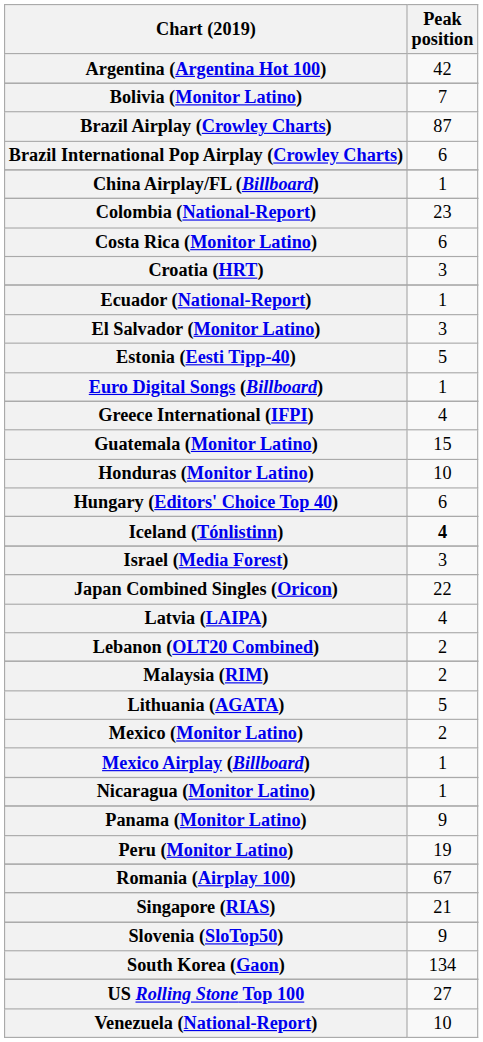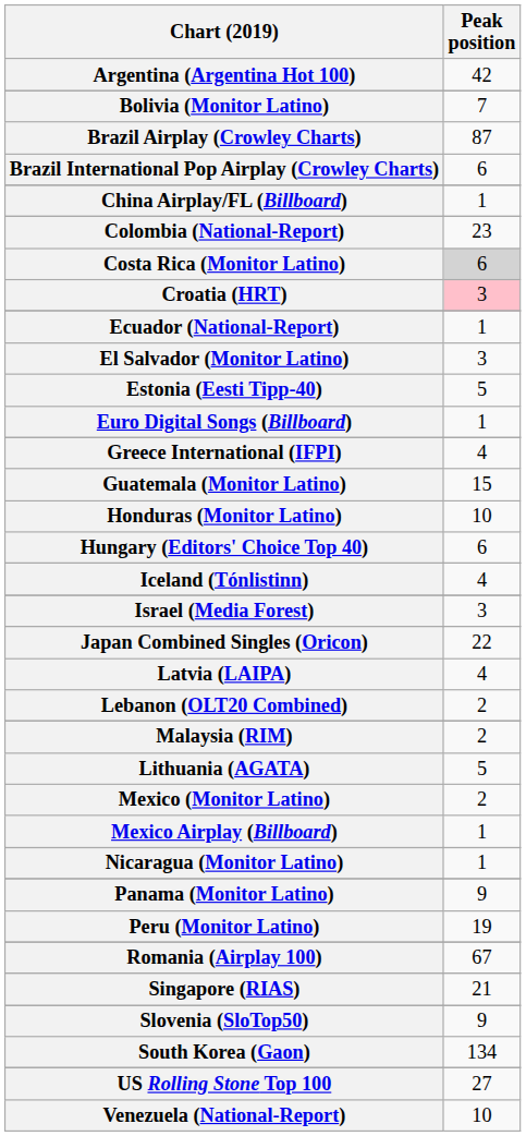 <table class="wikitable sortable plainrowheaders" style="text-align:center">
 <tr>
 <th scope="col">Chart (2019)</th>
 <th scope="col">Peak<br>position</th>
 </tr>
 <tr>
 <th scope="row">Argentina (<a href='#'>Argentina Hot 100</a>)</th>
 <td>42</td>
 </tr>
 <tr>
 </tr>
 <tr>
 </tr>
 <tr>
 </tr>
 <tr>
 </tr>
 <tr>
 <th scope="row">Bolivia (<a href='#'>Monitor Latino</a>)</th>
 <td>7</td>
 </tr>
 <tr>
 <th scope="row">Brazil Airplay (<a href='#'>Crowley Charts</a>)</th>
 <td>87</td>
 </tr>
 <tr>
 <th scope="row">Brazil International Pop Airplay (<a href='#'>Crowley Charts</a>)</th>
 <td>6</td>
 </tr>
 <tr>
 </tr>
 <tr>
 </tr>
 <tr>
 </tr>
 <tr>
 </tr>
 <tr>
 <th scope="row">China Airplay/FL (<em><a href='#'>Billboard</a></em>)</th>
 <td>1</td>
 </tr>
 <tr>
 </tr>
 <tr>
 <th scope="row">Colombia (<a href='#'>National-Report</a>)</th>
 <td>23</td>
 </tr>
 <tr>
 <th scope="row">Costa Rica (<a href='#'>Monitor Latino</a>)</th>
-<td>6</td>
+<td style="background: lightgrey;">6</td>
 </tr>
 <tr>
 <th scope="row">Croatia (<a href='#'>HRT</a>)</th>
-<td>3</td>
+<td style="background: pink;">3</td>
 </tr>
 <tr>
 </tr>
 <tr>
 </tr>
 <tr>
 </tr>
 <tr>
 <th scope="row">Ecuador (<a href='#'>National-Report</a>)</th>
 <td>1</td>
 </tr>
 <tr>
 <th scope="row">El Salvador (<a href='#'>Monitor Latino</a>)</th>
 <td>3</td>
 </tr>
 <tr>
 <th scope="row">Estonia (<a href='#'>Eesti Tipp-40</a>)</th>
 <td>5</td>
 </tr>
 <tr>
 <th scope="row"><a href='#'>Euro Digital Songs</a> (<em><a href='#'>Billboard</a></em>)</th>
 <td>1</td>
 </tr>
 <tr>
 </tr>
 <tr>
 </tr>
 <tr>
 </tr>
 <tr>
 <th scope="row">Greece International (<a href='#'>IFPI</a>)</th>
 <td>4</td>
 </tr>
 <tr>
 <th scope="row">Guatemala (<a href='#'>Monitor Latino</a>)</th>
 <td>15</td>
 </tr>
 <tr>
 <th scope="row">Honduras (<a href='#'>Monitor Latino</a>)</th>
 <td>10</td>
 </tr>
 <tr>
 <th scope="row">Hungary (<a href='#'>Editors' Choice Top 40</a>)</th>
 <td>6</td>
 </tr>
 <tr>
 </tr>
 <tr>
 </tr>
 <tr>
 <th scope="row">Iceland (<a href='#'>Tónlistinn</a>)</th>
-<td><strong>4</strong></td>
+<td>4</td>
 </tr>
 <tr>
 </tr>
 <tr>
 <th scope="row">Israel (<a href='#'>Media Forest</a>)</th>
 <td>3</td>
 </tr>
 <tr>
 </tr>
 <tr>
 </tr>
 <tr>
 <th scope="row">Japan Combined Singles (<a href='#'>Oricon</a>)</th>
 <td>22</td>
 </tr>
 <tr>
 <th scope="row">Latvia (<a href='#'>LAIPA</a>)</th>
 <td>4</td>
 </tr>
 <tr>
 <th scope="row">Lebanon (<a href='#'>OLT20 Combined</a>)</th>
 <td>2</td>
 </tr>
 <tr>
 </tr>
 <tr>
 <th scope="row">Malaysia (<a href='#'>RIM</a>)</th>
 <td>2</td>
 </tr>
 <tr>
 <th scope="row">Lithuania (<a href='#'>AGATA</a>)</th>
 <td>5</td>
 </tr>
 <tr>
 <th scope="row">Mexico (<a href='#'>Monitor Latino</a>)</th>
 <td>2</td>
 </tr>
 <tr>
 <th scope="row"><a href='#'>Mexico Airplay</a> (<em><a href='#'>Billboard</a></em>)</th>
 <td>1</td>
 </tr>
 <tr>
 </tr>
 <tr>
 </tr>
 <tr>
 </tr>
 <tr>
 <th scope="row">Nicaragua (<a href='#'>Monitor Latino</a>)</th>
 <td>1</td>
 </tr>
 <tr>
 </tr>
 <tr>
 <th scope="row">Panama (<a href='#'>Monitor Latino</a>)</th>
 <td>9</td>
 </tr>
 <tr>
 <th scope="row">Peru (<a href='#'>Monitor Latino</a>)</th>
 <td>19</td>
 </tr>
 <tr>
 </tr>
 <tr>
 </tr>
 <tr>
 </tr>
 <tr>
 <th scope="row">Romania (<a href='#'>Airplay 100</a>)</th>
 <td>67</td>
 </tr>
 <tr>
 </tr>
 <tr>
 <th scope="row">Singapore (<a href='#'>RIAS</a>)</th>
 <td>21</td>
 </tr>
 <tr>
 </tr>
 <tr>
 </tr>
 <tr>
 <th scope="row">Slovenia (<a href='#'>SloTop50</a>)</th>
 <td>9</td>
 </tr>
 <tr>
 <th scope="row">South Korea (<a href='#'>Gaon</a>)</th>
 <td>134</td>
 </tr>
 <tr>
 </tr>
 <tr>
 </tr>
 <tr>
 </tr>
 <tr>
 </tr>
 <tr>
 </tr>
 <tr>
 </tr>
 <tr>
 </tr>
 <tr>
 </tr>
 <tr>
 </tr>
 <tr>
 </tr>
 <tr>
 <th scope="row">US <a href='#'><em>Rolling Stone</em> Top 100</a></th>
 <td>27</td>
 </tr>
 <tr>
 <th scope="row">Venezuela (<a href='#'>National-Report</a>)</th>
 <td>10</td>
 </tr>
 </table>
